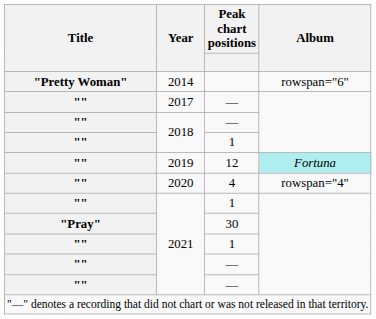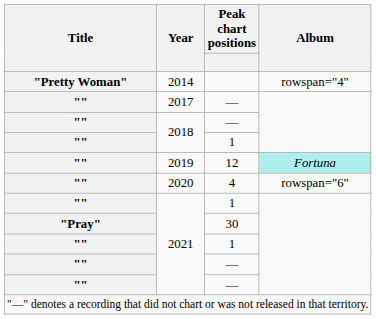 <table class="wikitable plainrowheaders" style="text-align:center;">
 <tr>
 <th scope="col" rowspan="2">Title</th>
 <th scope="col" rowspan="2">Year</th>
 <th scope="col" colspan="1">Peak<br>chart<br>positions</th>
 <th scope="col" rowspan="2">Album</th>
 </tr>
 <tr>
 <th style="width:3em; font-size:85%;"><a href='#'></a><br></th>
 </tr>
 <tr>
 <th scope="row">"Pretty Woman"<br></th>
 <td>2014</td>
 <td></td>
-<td>rowspan="6" </td>
+<td>rowspan="4" </td>
 </tr>
 <tr>
 <th scope="row">""<br></th>
 <td>2017</td>
 <td>—</td>
 </tr>
 <tr>
 <th scope="row">""<br></th>
 <td rowspan="2">2018</td>
 <td>—</td>
 </tr>
 <tr>
 <th scope="row">""<br></th>
 <td>1</td>
 </tr>
 <tr>
 <th scope="row">""<br></th>
 <td>2019</td>
 <td>12</td>
 <td style="background: paleturquoise;"><em>Fortuna</em></td>
 </tr>
 <tr>
 <th scope="row">""<br></th>
 <td>2020</td>
 <td>4</td>
-<td>rowspan="4" </td>
+<td>rowspan="6" </td>
 </tr>
 <tr>
 <th scope="row">""<br></th>
 <td rowspan="5">2021</td>
 <td>1</td>
 </tr>
 <tr>
 <th scope="row">"Pray"<br></th>
 <td>30</td>
 </tr>
 <tr>
 <th scope="row">""<br></th>
 <td>1</td>
 </tr>
 <tr>
 <th scope="row">""<br></th>
 <td>—</td>
 </tr>
 <tr>
 <th scope="row">""<br></th>
 <td>—</td>
 </tr>
 <tr>
 <td colspan="6" style="font-size:90%">"—" denotes a recording that did not chart or was not released in that territory.</td>
 </tr>
 </table>
